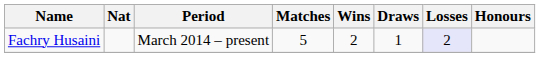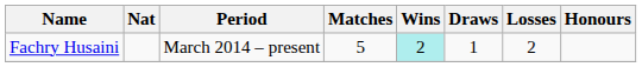 <table class="wikitable">
 <tr>
 <th>Name</th>
 <th>Nat</th>
 <th>Period</th>
 <th>Matches</th>
 <th>Wins</th>
 <th>Draws</th>
 <th>Losses</th>
 <th>Honours</th>
 </tr>
 <tr>
 <td><a href='#'>Fachry Husaini</a></td>
 <td align="center"></td>
 <td align="center">March 2014 – present</td>
 <td align="center">5</td>
+<td align="center" style="background: paleturquoise;">2</td>
+<td align="center">1</td>
 <td align="center">2</td>
-<td align="center">1</td>
-<td align="center" style="background: lavender;">2</td>
 <td></td>
 </tr>
 <tr>
 </tr>
 </table>
